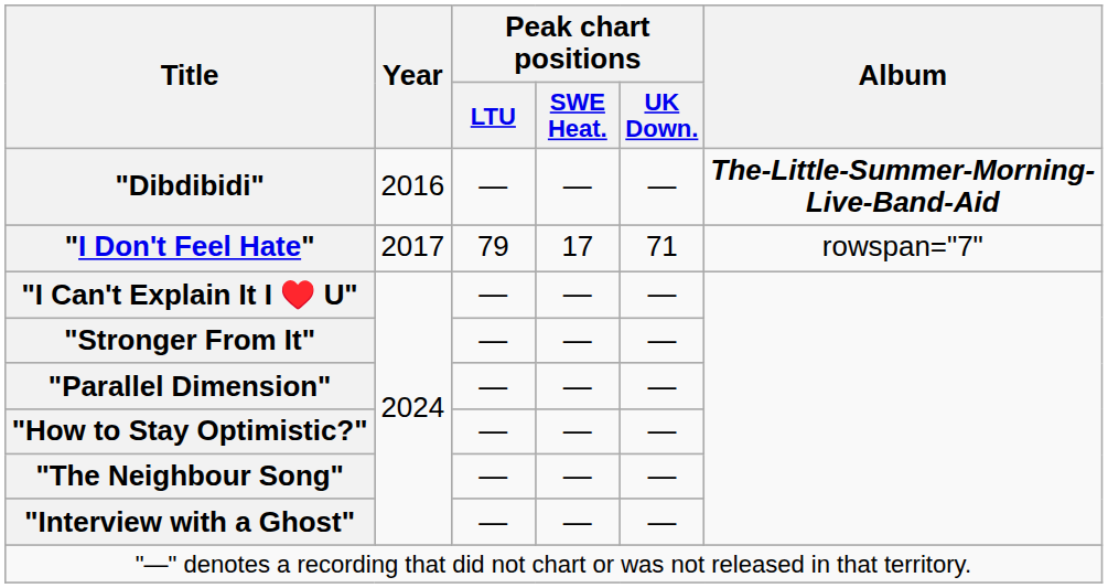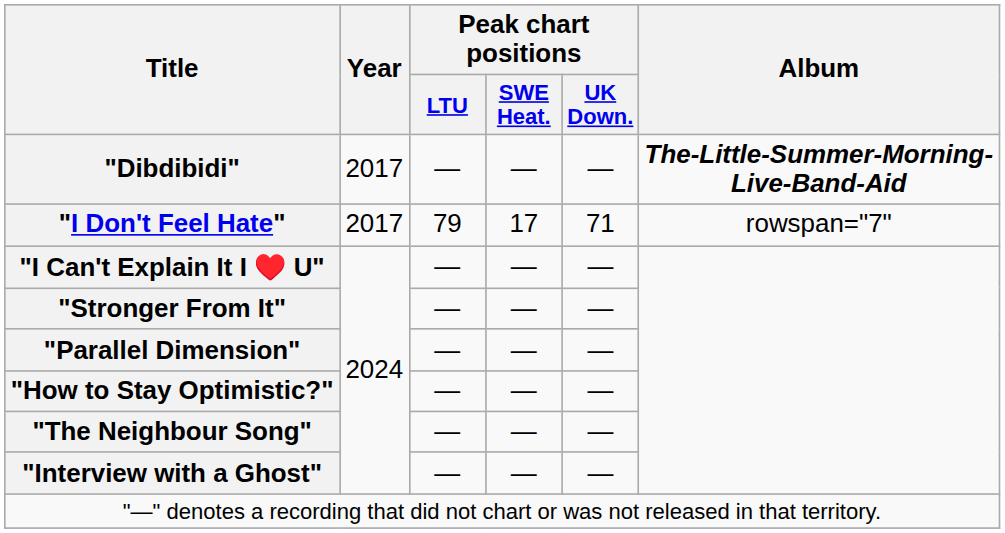 <table class="wikitable plainrowheaders" style="text-align:center;">
 <tr>
 <th scope="col" rowspan="2">Title</th>
 <th scope="col" rowspan="2">Year</th>
 <th scope="col" colspan="3">Peak chart positions</th>
 <th scope="col" rowspan="2">Album</th>
 </tr>
 <tr>
 <th scope="col" style="width:3em;font-size:85%;"><a href='#'>LTU</a><br></th>
 <th scope="col" style="width:3em;font-size:85%;"><a href='#'>SWE<br>Heat.</a><br></th>
 <th scope="col" style="width:3em;font-size:85%;"><a href='#'>UK<br>Down.</a><br></th>
 </tr>
 <tr>
 <th scope="row">"Dibdibidi"</th>
-<td>2016</td>
+<td>2017</td>
 <td>—</td>
 <td>—</td>
 <td>—</td>
 <td><strong><em>The-Little-Summer-Morning-<br>Live-Band-Aid</em></strong></td>
 </tr>
 <tr>
 <th scope="row">"<a href='#'>I Don't Feel Hate</a>"</th>
 <td>2017</td>
 <td>79</td>
 <td>17</td>
 <td>71</td>
 <td>rowspan="7" </td>
 </tr>
 <tr>
 <th scope="row">"I Can't Explain It I ♥️ U"</th>
 <td rowspan="6">2024</td>
 <td>—</td>
 <td>—</td>
 <td>—</td>
 </tr>
 <tr>
 <th scope="row">"Stronger From It"</th>
 <td>—</td>
 <td>—</td>
 <td>—</td>
 </tr>
 <tr>
 <th scope="row">"Parallel Dimension"</th>
 <td>—</td>
 <td>—</td>
 <td>—</td>
 </tr>
 <tr>
 <th scope="row">"How to Stay Optimistic?"</th>
 <td>—</td>
 <td>—</td>
 <td>—</td>
 </tr>
 <tr>
 <th scope="row">"The Neighbour Song"</th>
 <td>—</td>
 <td>—</td>
 <td>—</td>
 </tr>
 <tr>
 <th scope="row">"Interview with a Ghost"</th>
 <td>—</td>
 <td>—</td>
 <td>—</td>
 </tr>
 <tr>
 <td colspan="6" style="font-size:85%">"—" denotes a recording that did not chart or was not released in that territory.</td>
 </tr>
 </table>
